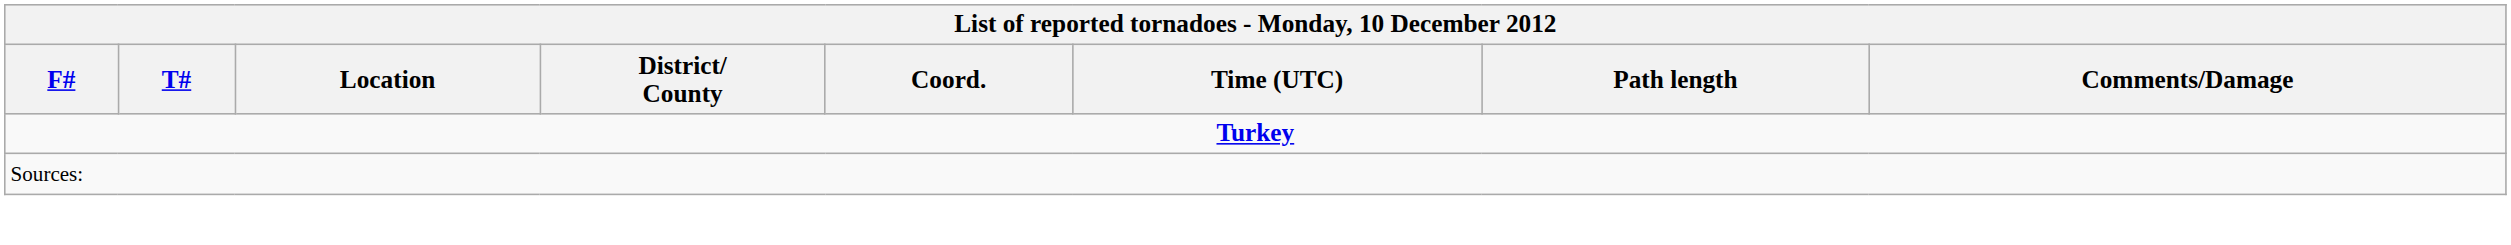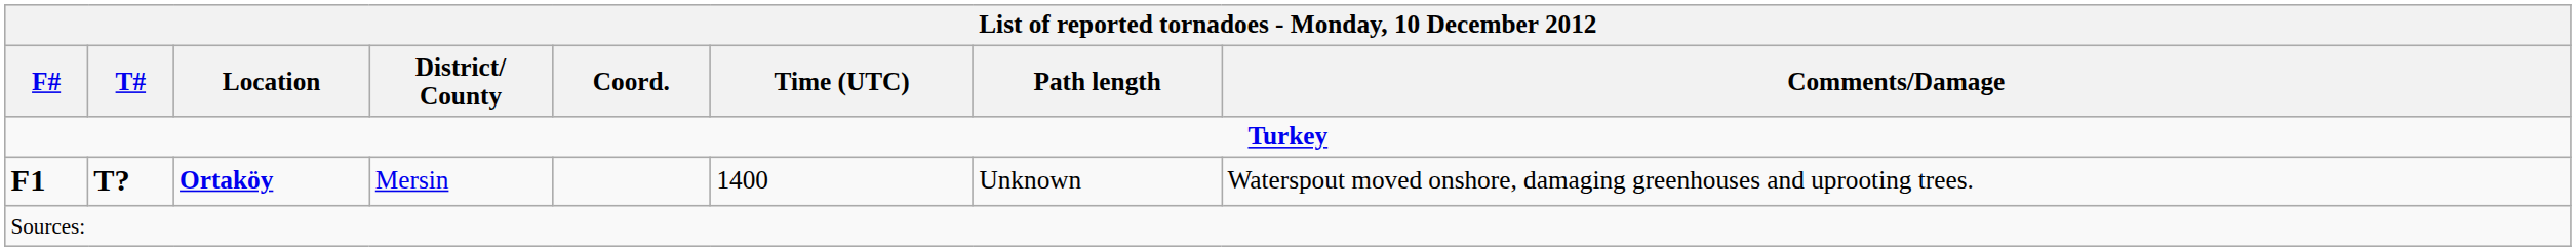 <table class="wikitable collapsible" width="100%">
 <tr>
 <th colspan="8">List of reported tornadoes - Monday, 10 December 2012</th>
 </tr>
 <tr>
 <th><a href='#'>F#</a></th>
 <th><a href='#'>T#</a></th>
 <th>Location</th>
 <th>District/<br>County</th>
 <th>Coord.</th>
 <th>Time (UTC)</th>
 <th>Path length</th>
 <th>Comments/Damage</th>
 </tr>
 <tr>
 <td colspan="8" align=center><strong><a href='#'>Turkey</a></strong></td>
 </tr>
 <tr>
+<td><big><strong>F1</strong></big></td>
+<td><big><strong>T?</strong></big></td>
+<td><strong><a href='#'>Ortaköy</a></strong></td>
+<td><a href='#'>Mersin</a></td>
+<td></td>
+<td>1400</td>
+<td>Unknown</td>
+<td>Waterspout moved onshore, damaging greenhouses and uprooting trees.</td>
+</tr>
+<tr>
 <td colspan="8"><small>Sources:  </small></td>
 </tr>
 </table>
